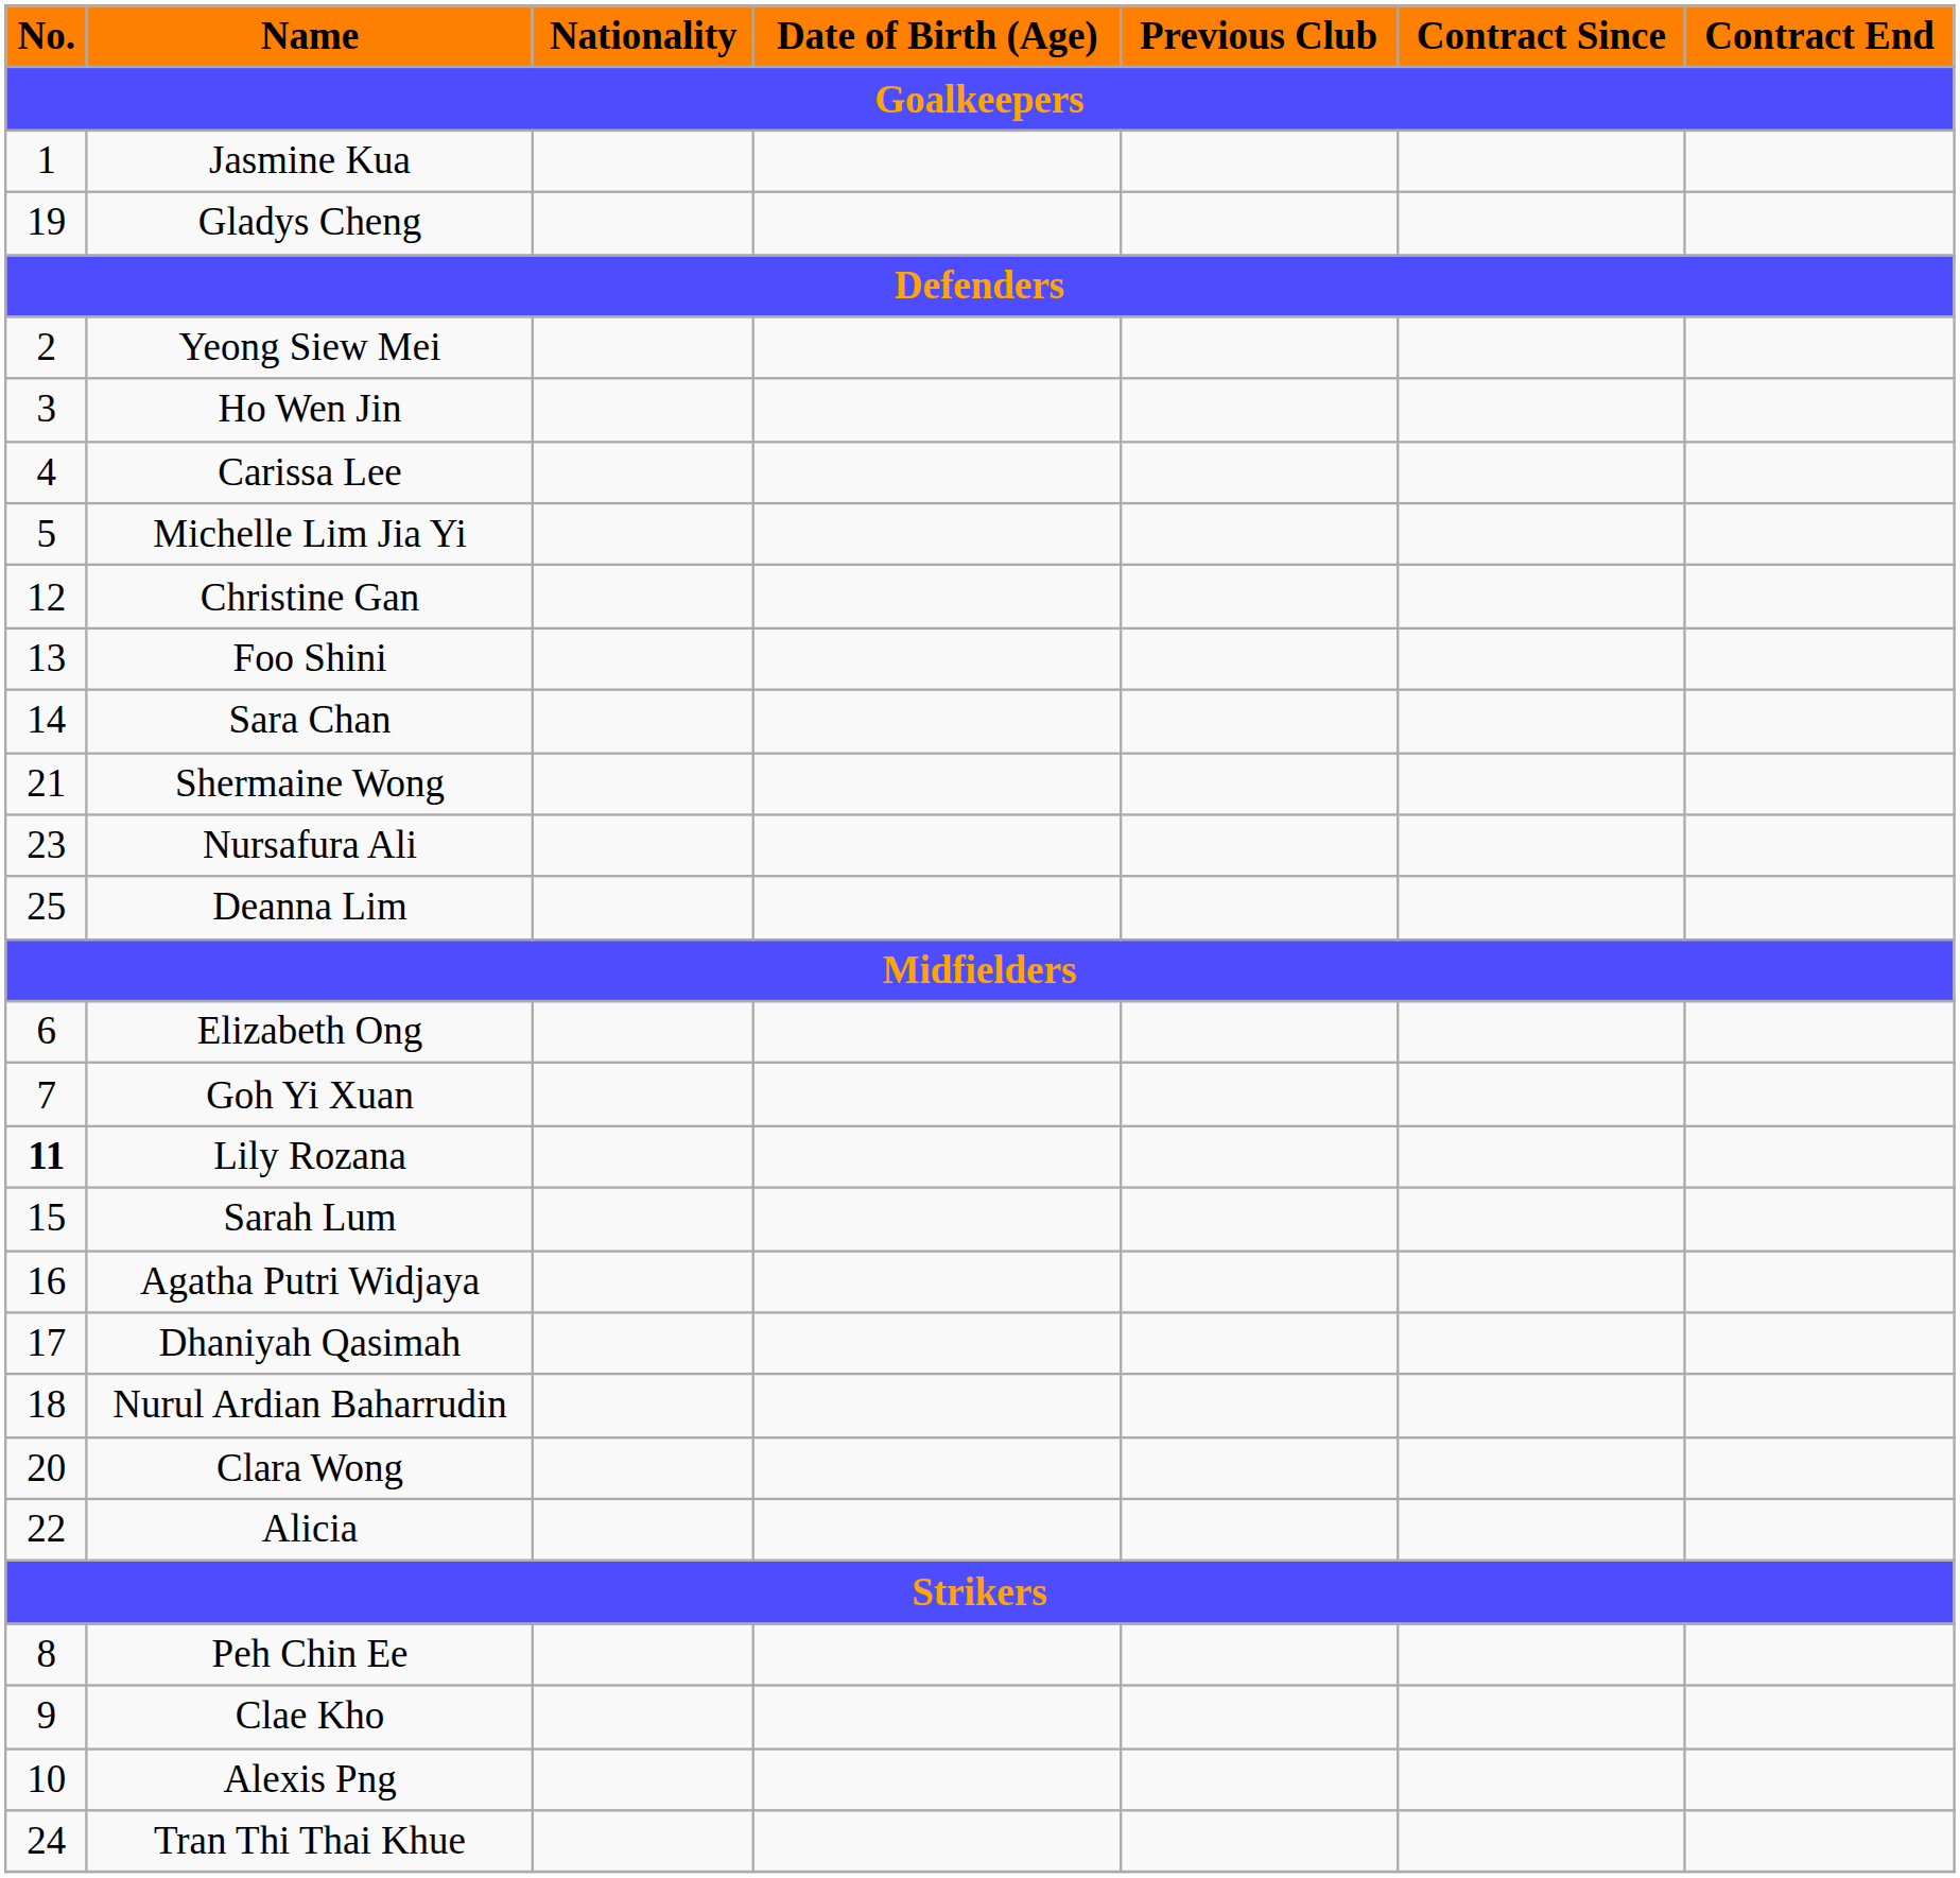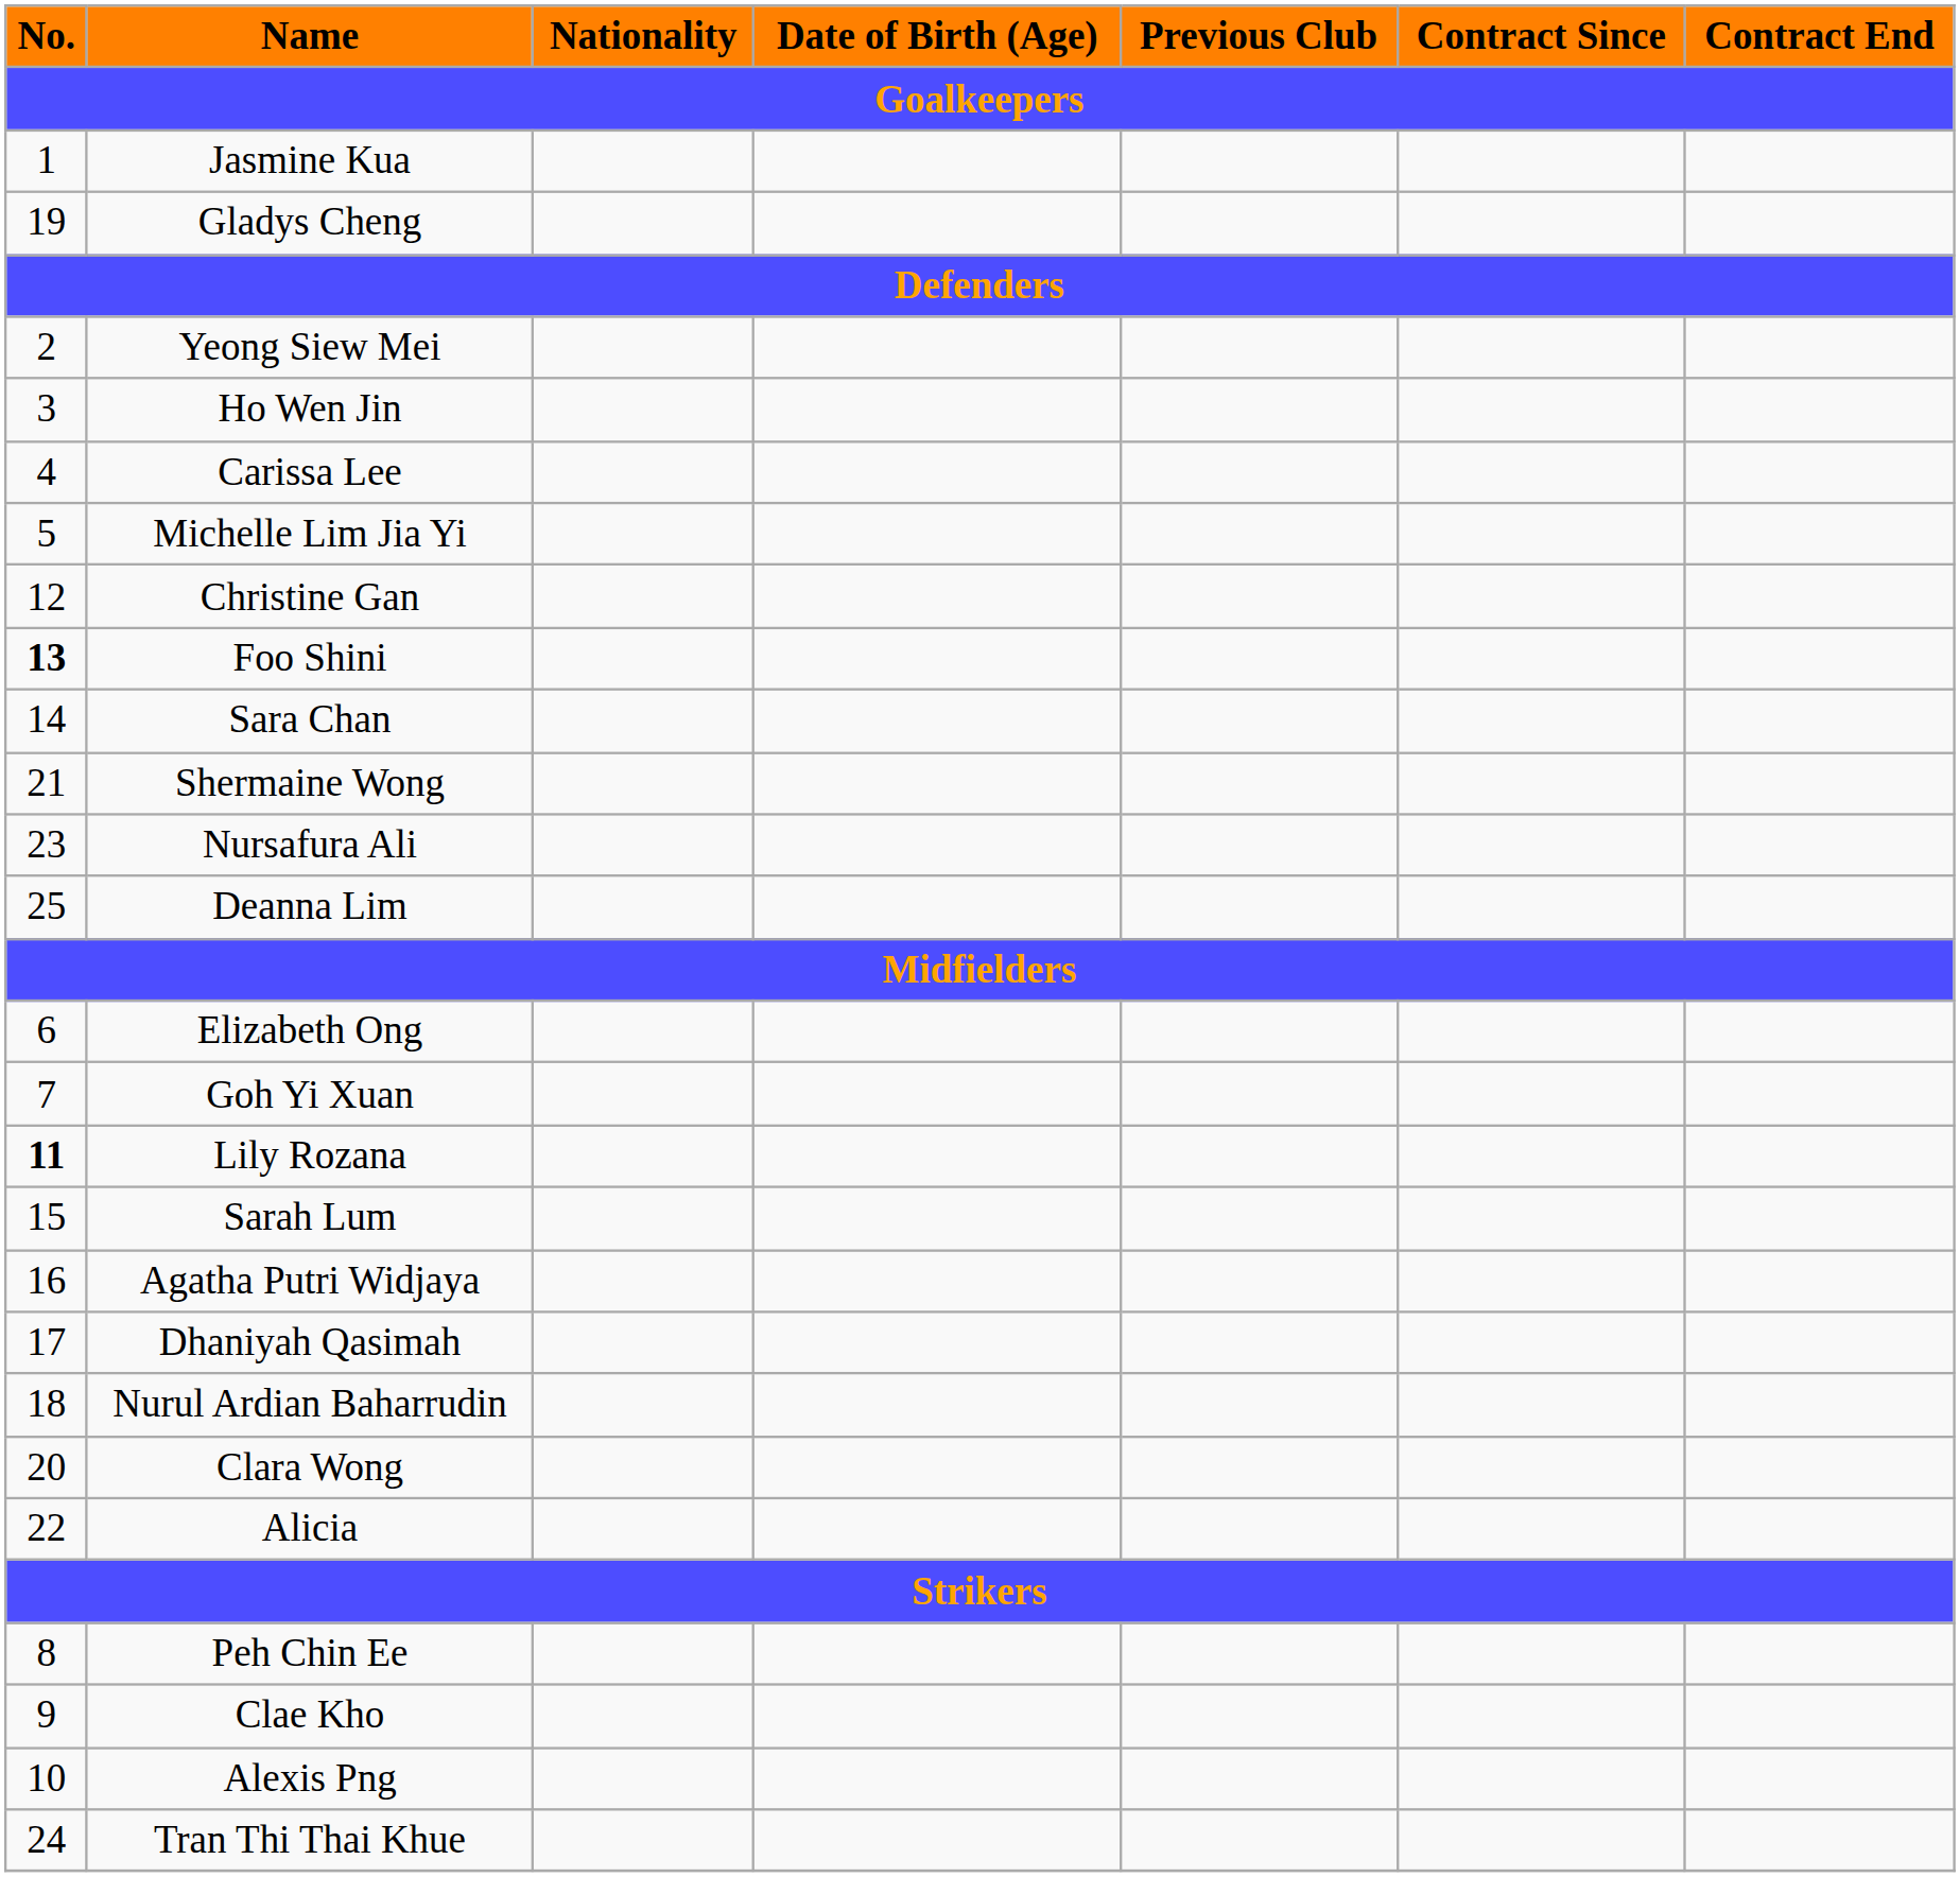 <table class="wikitable" style="text-align:center; font-size:100%; width:90%;">
 <tr>
 <th style="background:#FF8000; color:black; text-align:center;">No.</th>
 <th style="background:#FF8000; color:black; text-align:center;">Name</th>
 <th style="background:#FF8000; color:black; text-align:center;">Nationality</th>
 <th style="background:#FF8000; color:black; text-align:center;">Date of Birth (Age)</th>
 <th style="background:#FF8000; color:black; text-align:center;">Previous Club</th>
 <th style="background:#FF8000; color:black; text-align:center;">Contract Since</th>
 <th style="background:#FF8000; color:black; text-align:center;">Contract End</th>
 </tr>
 <tr>
 <th colspan="8" style="background:#4D4DFF; color:orange; text-align:center;">Goalkeepers</th>
 </tr>
 <tr>
 <td>1</td>
 <td>Jasmine Kua</td>
 <td></td>
 <td></td>
 <td></td>
 <td></td>
 <td></td>
 </tr>
 <tr>
 <td>19</td>
 <td>Gladys Cheng</td>
 <td></td>
 <td></td>
 <td></td>
 <td></td>
 <td></td>
 </tr>
 <tr>
 <th colspan="8" style="background:#4D4DFF; color:orange; text-align:center">Defenders</th>
 </tr>
 <tr>
 <td>2</td>
 <td>Yeong Siew Mei</td>
 <td></td>
 <td></td>
 <td></td>
 <td></td>
 <td></td>
 </tr>
 <tr>
 <td>3</td>
 <td>Ho Wen Jin</td>
 <td></td>
 <td></td>
 <td></td>
 <td></td>
 <td></td>
 </tr>
 <tr>
 <td>4</td>
 <td>Carissa Lee</td>
 <td></td>
 <td></td>
 <td></td>
 <td></td>
 <td></td>
 </tr>
 <tr>
 <td>5</td>
 <td>Michelle Lim Jia Yi</td>
 <td></td>
 <td></td>
 <td></td>
 <td></td>
 <td></td>
 </tr>
 <tr>
 <td>12</td>
 <td>Christine Gan</td>
 <td></td>
 <td></td>
 <td></td>
 <td></td>
 <td></td>
 </tr>
 <tr>
-<td>13</td>
+<td><strong>13</strong></td>
 <td>Foo Shini</td>
 <td></td>
 <td></td>
 <td></td>
 <td></td>
 <td></td>
 </tr>
 <tr>
 <td>14</td>
 <td>Sara Chan</td>
 <td></td>
 <td></td>
 <td></td>
 <td></td>
 <td></td>
 </tr>
 <tr>
 <td>21</td>
 <td>Shermaine Wong</td>
 <td></td>
 <td></td>
 <td></td>
 <td></td>
 <td></td>
 </tr>
 <tr>
 <td>23</td>
 <td>Nursafura Ali</td>
 <td></td>
 <td></td>
 <td></td>
 <td></td>
 <td></td>
 </tr>
 <tr>
 <td>25</td>
 <td>Deanna Lim</td>
 <td></td>
 <td></td>
 <td></td>
 <td></td>
 <td></td>
 </tr>
 <tr>
 <th colspan="8" style="background:#4D4DFF; color:orange; text-align:center">Midfielders</th>
 </tr>
 <tr>
 <td>6</td>
 <td>Elizabeth Ong</td>
 <td></td>
 <td></td>
 <td></td>
 <td></td>
 <td></td>
 </tr>
 <tr>
 <td>7</td>
 <td>Goh Yi Xuan</td>
 <td></td>
 <td></td>
 <td></td>
 <td></td>
 <td></td>
 </tr>
 <tr>
 <td><strong>11</strong></td>
 <td>Lily Rozana</td>
 <td></td>
 <td></td>
 <td></td>
 <td></td>
 <td></td>
 </tr>
 <tr>
 <td>15</td>
 <td>Sarah Lum</td>
 <td></td>
 <td></td>
 <td></td>
 <td></td>
 <td></td>
 </tr>
 <tr>
 <td>16</td>
 <td>Agatha Putri Widjaya</td>
 <td></td>
 <td></td>
 <td></td>
 <td></td>
 <td></td>
 </tr>
 <tr>
 <td>17</td>
 <td>Dhaniyah Qasimah</td>
 <td></td>
 <td></td>
 <td></td>
 <td></td>
 <td></td>
 </tr>
 <tr>
 <td>18</td>
 <td>Nurul Ardian Baharrudin</td>
 <td></td>
 <td></td>
 <td></td>
 <td></td>
 <td></td>
 </tr>
 <tr>
 <td>20</td>
 <td>Clara Wong</td>
 <td></td>
 <td></td>
 <td></td>
 <td></td>
 <td></td>
 </tr>
 <tr>
 <td>22</td>
 <td>Alicia</td>
 <td></td>
 <td></td>
 <td></td>
 <td></td>
 <td></td>
 </tr>
 <tr>
 <th colspan="8" style="background:#4D4DFF; color:orange; text-align:center">Strikers</th>
 </tr>
 <tr>
 <td>8</td>
 <td>Peh Chin Ee</td>
 <td></td>
 <td></td>
 <td></td>
 <td></td>
 <td></td>
 </tr>
 <tr>
 <td>9</td>
 <td>Clae Kho</td>
 <td></td>
 <td></td>
 <td></td>
 <td></td>
 <td></td>
 </tr>
 <tr>
 <td>10</td>
 <td>Alexis Png</td>
 <td></td>
 <td></td>
 <td></td>
 <td></td>
 <td></td>
 </tr>
 <tr>
 <td>24</td>
 <td>Tran Thi Thai Khue</td>
 <td></td>
 <td></td>
 <td></td>
 <td></td>
 <td></td>
 </tr>
 <tr>
 </tr>
 </table>
